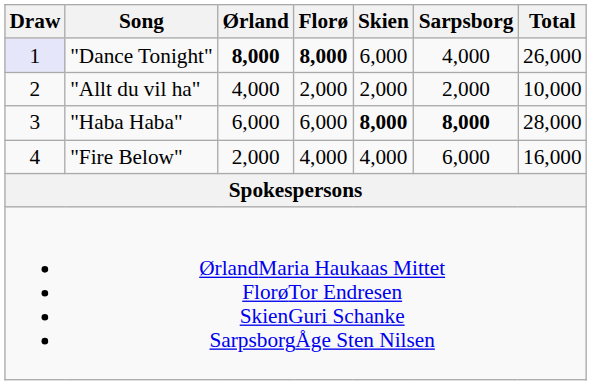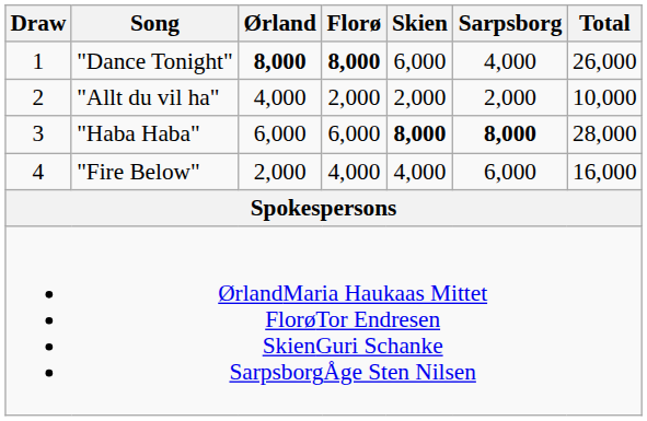 <table class="wikitable collapsible" style="margin: 1em auto 1em auto; text-align:center;">
 <tr>
 <th>Draw</th>
 <th>Song</th>
 <th>Ørland</th>
 <th>Florø</th>
 <th>Skien</th>
 <th>Sarpsborg</th>
 <th>Total</th>
 </tr>
 <tr>
-<td style="background: lavender;">1</td>
+<td>1</td>
 <td style="text-align:left;">"Dance Tonight"</td>
 <td><strong>8,000</strong></td>
 <td><strong>8,000</strong></td>
 <td>6,000</td>
 <td>4,000</td>
 <td>26,000</td>
 </tr>
 <tr>
 <td>2</td>
 <td style="text-align:left;">"Allt du vil ha"</td>
 <td>4,000</td>
 <td>2,000</td>
 <td>2,000</td>
 <td>2,000</td>
 <td>10,000</td>
 </tr>
 <tr>
 <td>3</td>
 <td style="text-align:left;">"Haba Haba"</td>
 <td>6,000</td>
 <td>6,000</td>
 <td><strong>8,000</strong></td>
 <td><strong>8,000</strong></td>
 <td>28,000</td>
 </tr>
 <tr>
 <td>4</td>
 <td style="text-align:left;">"Fire Below"</td>
 <td>2,000</td>
 <td>4,000</td>
 <td>4,000</td>
 <td>6,000</td>
 <td>16,000</td>
 </tr>
 <tr>
 <th colspan="7">Spokespersons</th>
 </tr>
 <tr>
 <td colspan="7"><br><ul><li><a href='#'>Ørland</a><a href='#'>Maria Haukaas Mittet</a></li><li><a href='#'>Florø</a><a href='#'>Tor Endresen</a></li><li><a href='#'>Skien</a><a href='#'>Guri Schanke</a></li><li><a href='#'>Sarpsborg</a><a href='#'>Åge Sten Nilsen</a></li></ul></td>
 </tr>
 </table>
